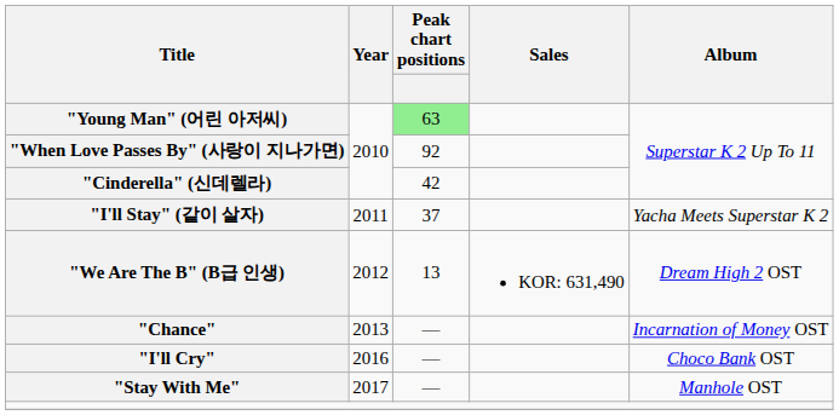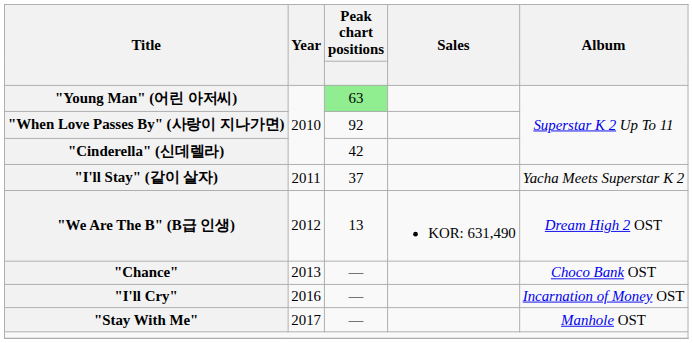 <table class="wikitable plainrowheaders" style="text-align:center;">
 <tr>
 <th scope="col" rowspan="2">Title</th>
 <th scope="col" rowspan="2">Year</th>
 <th scope="col" colspan="1">Peak chart positions</th>
 <th scope="col" rowspan="2">Sales</th>
 <th scope="col" rowspan="2">Album</th>
 </tr>
 <tr>
 <th style="width:3em"><br></th>
 </tr>
 <tr>
 <th scope="row">"Young Man" (어린 아저씨)</th>
 <td rowspan="3">2010</td>
 <td style="background: lightgreen;">63</td>
 <td></td>
 <td rowspan="3"><em><a href='#'>Superstar K 2</a> Up To 11</em></td>
 </tr>
 <tr>
 <th scope="row">"When Love Passes By" (사랑이 지나가면)</th>
 <td>92</td>
 <td></td>
 </tr>
 <tr>
 <th scope="row">"Cinderella" (신데렐라) </th>
 <td>42</td>
 <td></td>
 </tr>
 <tr>
 <th scope="row">"I'll Stay" (같이 살자) </th>
 <td>2011</td>
 <td>37</td>
 <td></td>
 <td><em>Yacha Meets Superstar K 2</em></td>
 </tr>
 <tr>
 <th scope="row">"We Are The B" (B급 인생) </th>
 <td>2012</td>
 <td>13</td>
 <td><br><ul><li>KOR: 631,490</li></ul></td>
 <td><em><a href='#'>Dream High 2</a></em> OST</td>
 </tr>
 <tr>
 <th scope="row">"Chance"</th>
 <td>2013</td>
 <td>—</td>
 <td></td>
-<td><em><a href='#'>Incarnation of Money</a></em> OST</td>
+<td><em><a href='#'>Choco Bank</a></em> OST</td>
 </tr>
 <tr>
 <th scope="row">"I'll Cry"</th>
 <td>2016</td>
 <td>—</td>
 <td></td>
-<td><em><a href='#'>Choco Bank</a></em> OST</td>
+<td><em><a href='#'>Incarnation of Money</a></em> OST</td>
 </tr>
 <tr>
 <th scope="row">"Stay With Me"</th>
 <td>2017</td>
 <td>—</td>
 <td></td>
 <td><em><a href='#'>Manhole</a></em> OST</td>
 </tr>
 <tr>
 <td colspan="5"></td>
 </tr>
 <tr>
 </tr>
 </table>
